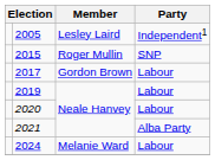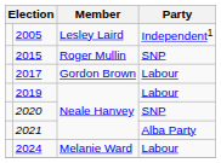 <table class="wikitable">
 <tr>
 <th colspan="2">Election</th>
 <th>Member</th>
 <th>Party</th>
 </tr>
 <tr>
 <td style="color:inherit;background-color: "></td>
 <td><a href='#'>2005</a></td>
 <td><a href='#'>Lesley Laird</a></td>
 <td><a href='#'>Independent</a><sup>1</sup></td>
 </tr>
 <tr>
 <td style="color:inherit;background-color: "></td>
 <td><a href='#'>2015</a></td>
 <td><a href='#'>Roger Mullin</a></td>
 <td><a href='#'>SNP</a></td>
 </tr>
 <tr>
 <td style="color:inherit;background-color: "></td>
 <td><a href='#'>2017</a></td>
 <td><a href='#'>Gordon Brown</a></td>
 <td><a href='#'>Labour</a></td>
 </tr>
 <tr>
 <td style="color:inherit;background-color: "></td>
 <td><a href='#'>2019</a></td>
 <td rowspan=3><a href='#'>Neale Hanvey</a></td>
 <td><a href='#'>Labour</a></td>
 </tr>
 <tr>
 <td style="color:inherit;background-color: "></td>
 <td><em>2020</em></td>
-<td><a href='#'>Labour</a></td>
+<td><a href='#'>SNP</a></td>
 </tr>
 <tr>
 <td style="color:inherit;background-color: "></td>
 <td><em>2021</em></td>
 <td><a href='#'>Alba Party</a></td>
 </tr>
 <tr>
 <td style="color:inherit;background-color: "></td>
 <td><a href='#'>2024</a></td>
 <td><a href='#'>Melanie Ward</a></td>
 <td><a href='#'>Labour</a></td>
 </tr>
 <tr>
 </tr>
 </table>
